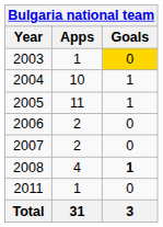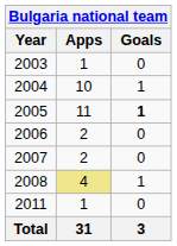 <table class="wikitable" style="text-align:center">
 <tr>
 <th colspan=3><a href='#'>Bulgaria national team</a></th>
 </tr>
 <tr>
 <th>Year</th>
 <th>Apps</th>
 <th>Goals</th>
 </tr>
 <tr>
 <td>2003</td>
 <td>1</td>
-<td style="background: gold;">0</td>
+<td>0</td>
 </tr>
 <tr>
 <td>2004</td>
 <td>10</td>
 <td>1</td>
 </tr>
 <tr>
 <td>2005</td>
 <td>11</td>
-<td>1</td>
+<td><strong>1</strong></td>
 </tr>
 <tr>
 <td>2006</td>
 <td>2</td>
 <td>0</td>
 </tr>
 <tr>
 <td>2007</td>
 <td>2</td>
 <td>0</td>
 </tr>
 <tr>
 <td>2008</td>
-<td>4</td>
-<td><strong>1</strong></td>
+<td style="background: khaki;">4</td>
+<td>1</td>
 </tr>
 <tr>
 <td>2011</td>
 <td>1</td>
 <td>0</td>
 </tr>
 <tr>
 <th>Total</th>
 <th>31</th>
 <th>3</th>
 </tr>
 </table>
